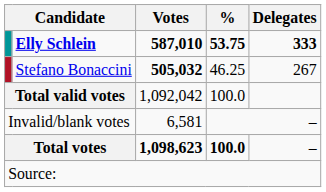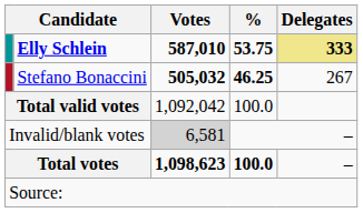 <table class="wikitable" style="font-size:95%">
 <tr bgcolor="#E9E9E9">
 <th rowspan="1" colspan="2">Candidate</th>
 <th rowspan="1" colspan="1">Votes</th>
 <th rowspan="1" colspan="1">%</th>
 <th rowspan="1" colspan="1">Delegates</th>
 </tr>
 <tr>
 <td style="color:inherit;background:#009698"></td>
 <td align="left"><strong><a href='#'>Elly Schlein</a></strong></td>
 <td align="right"><strong>587,010</strong></td>
 <td align="right"><strong>53.75</strong></td>
-<td align="right"><strong>333</strong></td>
+<td align="right" style="background: khaki;"><strong>333</strong></td>
 </tr>
 <tr>
 <td style="color:inherit;background:#B11226"></td>
 <td align="left"><a href='#'>Stefano Bonaccini</a></td>
 <td align="right"><strong>505,032</strong></td>
-<td align="right">46.25</td>
+<td align="right"><strong>46.25</strong></td>
 <td align="right">267</td>
 </tr>
 <tr>
 <th colspan="2" align="left">Total valid votes</th>
 <td align="right">1,092,042</td>
 <td align="right">100.0</td>
 <td align="right"></td>
 </tr>
 <tr>
 <td colspan="2" align=left>Invalid/blank votes</td>
-<td align="right">6,581</td>
+<td align="right" style="background: lightgrey;">6,581</td>
 <td align="right" colspan=2>–</td>
 </tr>
 <tr>
 <th colspan="2" align="left">Total votes</th>
 <td align="right"><strong>1,098,623</strong></td>
 <td align="right"><strong>100.0</strong></td>
 <td align="right">–</td>
 </tr>
 <tr>
 <td colspan="5">Source: </td>
 </tr>
 </table>
